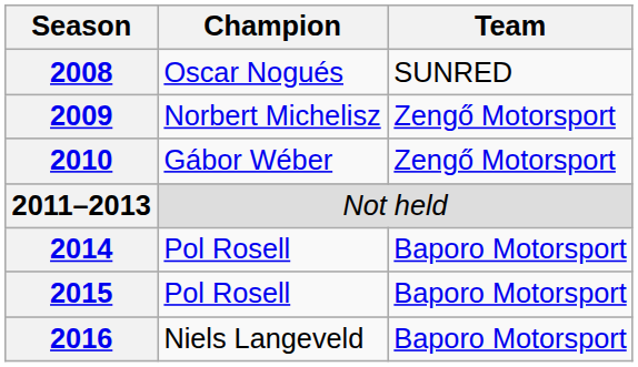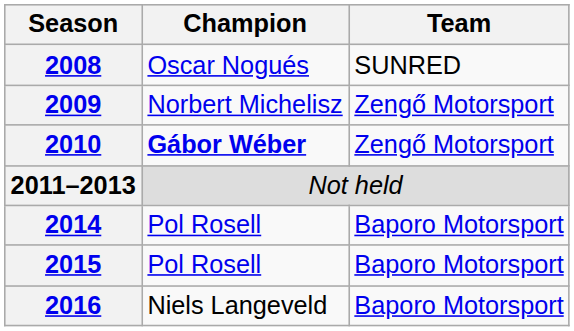 <table class="wikitable">
 <tr>
 <th>Season</th>
 <th>Champion</th>
 <th>Team</th>
 </tr>
 <tr>
 <th><a href='#'>2008</a></th>
 <td> <a href='#'>Oscar Nogués</a></td>
 <td> SUNRED</td>
 </tr>
 <tr>
 <th><a href='#'>2009</a></th>
 <td> <a href='#'>Norbert Michelisz</a></td>
 <td> <a href='#'>Zengő Motorsport</a></td>
 </tr>
 <tr>
 <th><a href='#'>2010</a></th>
-<td> <a href='#'>Gábor Wéber</a></td>
+<td><strong> <a href='#'>Gábor Wéber</a></strong></td>
 <td> <a href='#'>Zengő Motorsport</a></td>
 </tr>
 <tr style="background:#DDDDDD;">
 <th>2011–2013</th>
 <td align=center colspan=2><em>Not held</em></td>
 </tr>
 <tr>
 <th><a href='#'>2014</a></th>
 <td> <a href='#'>Pol Rosell</a></td>
 <td> <a href='#'>Baporo Motorsport</a></td>
 </tr>
 <tr>
 <th><a href='#'>2015</a></th>
 <td> <a href='#'>Pol Rosell</a></td>
 <td> <a href='#'>Baporo Motorsport</a></td>
 </tr>
 <tr>
 <th><a href='#'>2016</a></th>
 <td> Niels Langeveld</td>
 <td> <a href='#'>Baporo Motorsport</a></td>
 </tr>
 </table>
